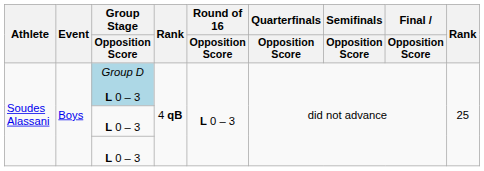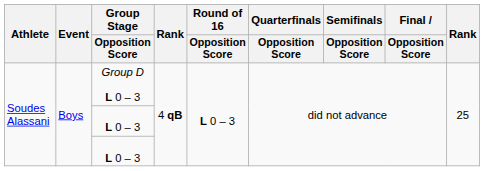 <table class=wikitable style="font-size:90%">
 <tr>
 <th rowspan="2">Athlete</th>
 <th rowspan="2">Event</th>
 <th>Group Stage</th>
 <th rowspan="2">Rank</th>
 <th>Round of 16</th>
 <th>Quarterfinals</th>
 <th>Semifinals</th>
 <th>Final / </th>
 <th rowspan=2>Rank</th>
 </tr>
 <tr style="font-size:95%">
 <th>Opposition<br>Score</th>
 <th>Opposition<br>Score</th>
 <th>Opposition<br>Score</th>
 <th>Opposition<br>Score</th>
 <th>Opposition<br>Score</th>
 </tr>
 <tr align=center>
 <td align=left rowspan=3><a href='#'>Soudes Alassani</a></td>
 <td align=left rowspan=3><a href='#'>Boys</a></td>
-<td style="background: lightblue;"><em>Group D</em><br><br><strong>L</strong> 0 – 3</td>
+<td><em>Group D</em><br><br><strong>L</strong> 0 – 3</td>
 <td rowspan=3>4 <strong>qB</strong></td>
 <td rowspan=3><br><strong>L</strong> 0 – 3</td>
 <td rowspan=3 colspan=3>did not advance</td>
 <td rowspan=3>25</td>
 </tr>
 <tr align=center>
 <td><br><strong>L</strong> 0 – 3</td>
 </tr>
 <tr align=center>
 <td><br><strong>L</strong> 0 – 3</td>
 </tr>
 </table>
